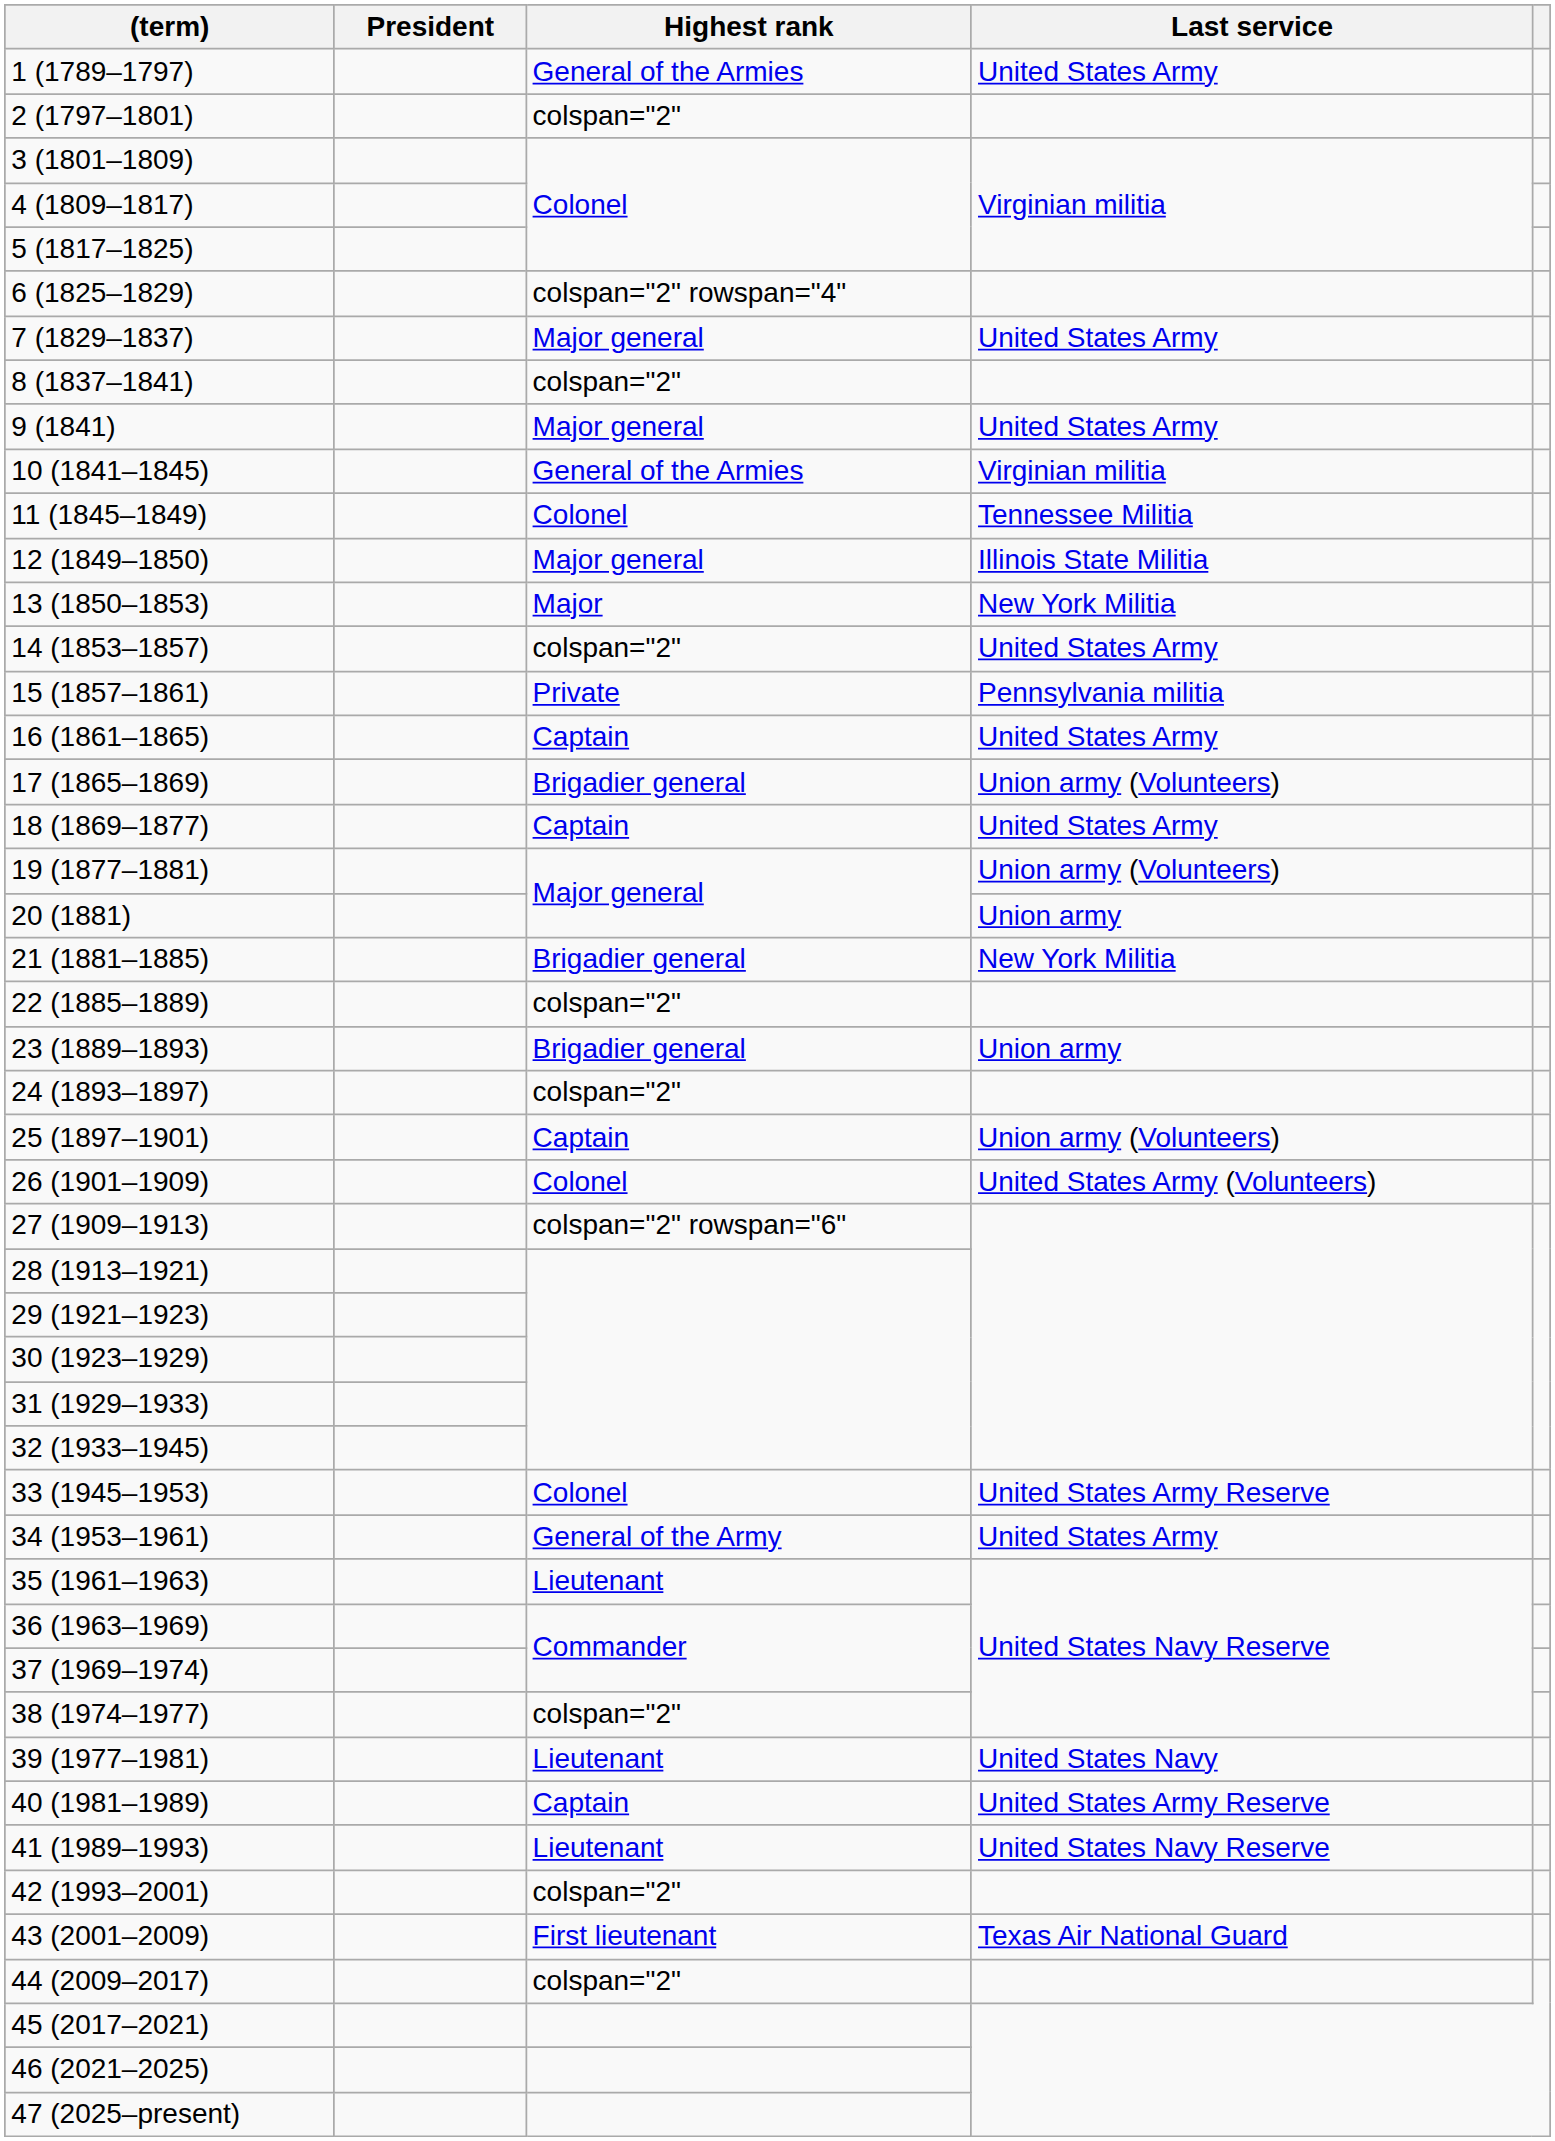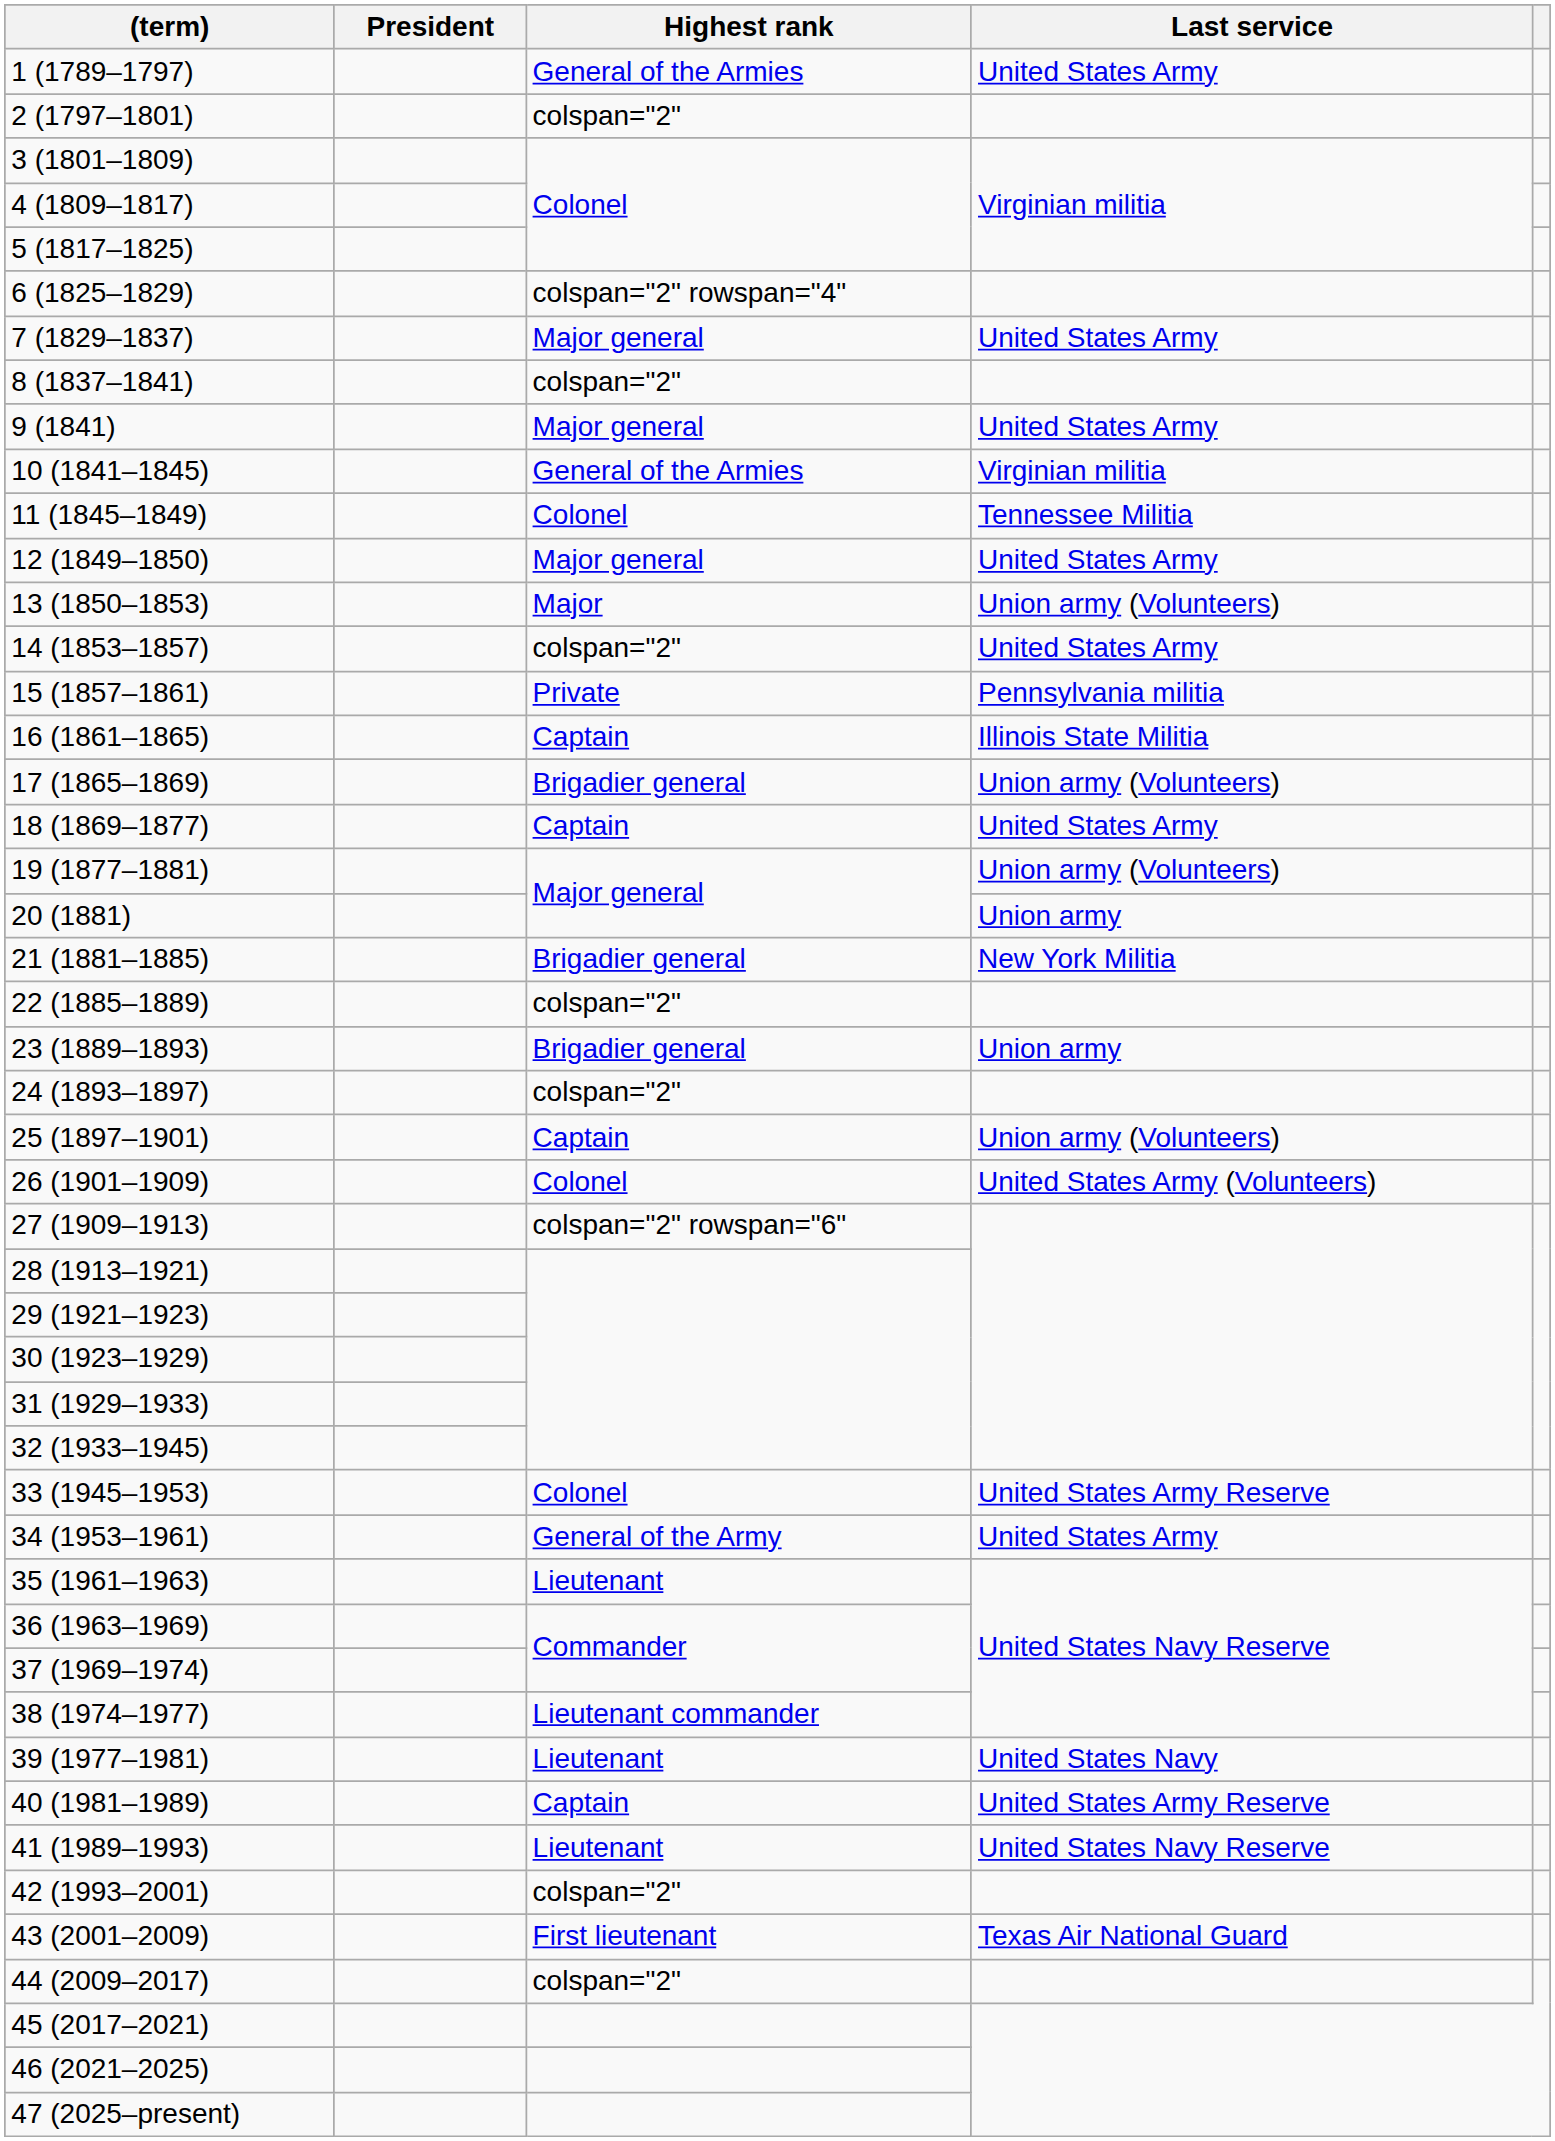 <table class="wikitable sortable" style="width: 100%;">
 <tr>
 <th scope="col"> (term)</th>
 <th scope="col">President</th>
 <th scope="col">Highest rank</th>
 <th scope="col">Last service</th>
 <th scope="col" class="unsortable"></th>
 </tr>
 <tr>
 <td scope="row">1 (1789–1797)</td>
 <td></td>
 <td data-sort-value=26><a href='#'>General of the Armies</a></td>
 <td data-sort-value=2><a href='#'>United States Army</a></td>
 <td></td>
 </tr>
 <tr>
 <td scope="row">2 (1797–1801)</td>
 <td></td>
 <td>colspan="2" </td>
 <td></td>
 </tr>
 <tr>
 <td scope="row">3 (1801–1809)</td>
 <td></td>
 <td data-sort-value=20 rowspan="3"><a href='#'>Colonel</a></td>
 <td data-sort-value=1 rowspan="3"><a href='#'>Virginian militia</a></td>
 <td></td>
 </tr>
 <tr>
 <td scope="row">4 (1809–1817)</td>
 <td></td>
 <td></td>
 </tr>
 <tr>
 <td scope="row">5 (1817–1825)</td>
 <td></td>
 <td></td>
 </tr>
 <tr>
 <td scope="row">6 (1825–1829)</td>
 <td></td>
 <td>colspan="2" rowspan="4" </td>
 <td></td>
 </tr>
 <tr>
 <td scope="row">7 (1829–1837)</td>
 <td></td>
 <td data-sort-value=22><a href='#'>Major general</a></td>
 <td data-sort-value=2><a href='#'>United States Army</a></td>
 <td></td>
 </tr>
 <tr>
 <td scope="row">8 (1837–1841)</td>
 <td></td>
 <td>colspan="2" </td>
 <td></td>
 </tr>
 <tr>
 <td scope="row">9 (1841)</td>
 <td></td>
 <td data-sort-value=22><a href='#'>Major general</a></td>
 <td data-sort-value=2><a href='#'>United States Army</a></td>
 <td></td>
 </tr>
 <tr>
 <td scope="row">10 (1841–1845)</td>
 <td></td>
 <td data-sort-value=26><a href='#'>General of the Armies</a></td>
 <td data-sort-value=1><a href='#'>Virginian militia</a></td>
 <td></td>
 </tr>
 <tr>
 <td scope="row">11 (1845–1849)</td>
 <td></td>
 <td data-sort-value=20><a href='#'>Colonel</a></td>
 <td data-sort-value=1><a href='#'>Tennessee Militia</a></td>
 <td></td>
 </tr>
 <tr>
 <td scope="row">12 (1849–1850)</td>
 <td></td>
 <td data-sort-value=22><a href='#'>Major general</a></td>
-<td data-sort-value=1><a href='#'>Illinois State Militia</a></td>
+<td data-sort-value=2><a href='#'>United States Army</a></td>
 <td></td>
 </tr>
 <tr>
 <td scope="row">13 (1850–1853)</td>
 <td></td>
 <td data-sort-value=18><a href='#'>Major</a></td>
-<td data-sort-value=1><a href='#'>New York Militia</a></td>
+<td data-sort-value=2><a href='#'>Union army</a> (<a href='#'>Volunteers</a>)</td>
 <td></td>
 </tr>
 <tr>
 <td scope="row">14 (1853–1857)</td>
 <td></td>
 <td>colspan="2" </td>
 <td data-sort-value=2><a href='#'>United States Army</a></td>
 <td></td>
 </tr>
 <tr>
 <td scope="row">15 (1857–1861)</td>
 <td></td>
 <td data-sort-value=1><a href='#'>Private</a></td>
 <td data-sort-value=1><a href='#'>Pennsylvania militia</a></td>
 <td></td>
 </tr>
 <tr>
 <td scope="row">16 (1861–1865)</td>
 <td></td>
 <td data-sort-value=17><a href='#'>Captain</a></td>
-<td data-sort-value=2><a href='#'>United States Army</a></td>
+<td data-sort-value=1><a href='#'>Illinois State Militia</a></td>
 <td></td>
 </tr>
 <tr>
 <td scope="row">17 (1865–1869)</td>
 <td></td>
 <td data-sort-value=21><a href='#'>Brigadier general</a></td>
 <td data-sort-value=2><a href='#'>Union army</a> (<a href='#'>Volunteers</a>)</td>
 <td></td>
 </tr>
 <tr>
 <td scope="row">18 (1869–1877)</td>
 <td></td>
 <td data-sort-value=17><a href='#'>Captain</a></td>
 <td data-sort-value=2><a href='#'>United States Army</a></td>
 <td></td>
 </tr>
 <tr>
 <td scope="row">19 (1877–1881)</td>
 <td></td>
 <td data-sort-value=22 rowspan="2"><a href='#'>Major general</a></td>
 <td data-sort-value=2><a href='#'>Union army</a> (<a href='#'>Volunteers</a>)</td>
 <td></td>
 </tr>
 <tr>
 <td scope="row">20 (1881)</td>
 <td></td>
 <td data-sort-value=2><a href='#'>Union army</a></td>
 <td></td>
 </tr>
 <tr>
 <td scope="row">21 (1881–1885)</td>
 <td></td>
 <td data-sort-value=21><a href='#'>Brigadier general</a></td>
 <td data-sort-value=1><a href='#'>New York Militia</a></td>
 <td></td>
 </tr>
 <tr>
 <td scope="row">22 (1885–1889)</td>
 <td></td>
 <td>colspan="2" </td>
 <td></td>
 </tr>
 <tr>
 <td scope="row">23 (1889–1893)</td>
 <td></td>
 <td data-sort-value=21><a href='#'>Brigadier general</a></td>
 <td data-sort-value=2><a href='#'>Union army</a></td>
 <td></td>
 </tr>
 <tr>
 <td scope="row">24 (1893–1897)</td>
 <td></td>
 <td>colspan="2" </td>
 <td></td>
 </tr>
 <tr>
 <td scope="row">25 (1897–1901)</td>
 <td></td>
 <td data-sort-value=17><a href='#'>Captain</a></td>
 <td data-sort-value=2><a href='#'>Union army</a> (<a href='#'>Volunteers</a>)</td>
 <td></td>
 </tr>
 <tr>
 <td scope="row">26 (1901–1909)</td>
 <td></td>
 <td data-sort-value=20><a href='#'>Colonel</a></td>
 <td data-sort-value=2><a href='#'>United States Army</a> (<a href='#'>Volunteers</a>)</td>
 <td></td>
 </tr>
 <tr>
 <td scope="row">27 (1909–1913)</td>
 <td></td>
 <td>colspan="2" rowspan="6" </td>
 <td rowspan="6"></td>
 </tr>
 <tr>
 <td scope="row">28 (1913–1921)</td>
 <td></td>
 </tr>
 <tr>
 <td scope="row">29 (1921–1923)</td>
 <td></td>
 </tr>
 <tr>
 <td scope="row">30 (1923–1929)</td>
 <td></td>
 </tr>
 <tr>
 <td scope="row">31 (1929–1933)</td>
 <td></td>
 </tr>
 <tr>
 <td scope="row">32 (1933–1945)</td>
 <td></td>
 </tr>
 <tr>
 <td scope="row">33 (1945–1953)</td>
 <td></td>
 <td data-sort-value=20><a href='#'>Colonel</a></td>
 <td data-sort-value=2><a href='#'>United States Army Reserve</a></td>
 <td></td>
 </tr>
 <tr>
 <td scope="row">34 (1953–1961)</td>
 <td></td>
 <td data-sort-value=25><a href='#'>General of the Army</a></td>
 <td data-sort-value=2><a href='#'>United States Army</a></td>
 <td></td>
 </tr>
 <tr>
 <td scope="row">35 (1961–1963)</td>
 <td></td>
 <td data-sort-value=17><a href='#'>Lieutenant</a></td>
 <td data-sort-value=4 rowspan="4"><a href='#'>United States Navy Reserve</a></td>
 <td></td>
 </tr>
 <tr>
 <td scope="row">36 (1963–1969)</td>
 <td></td>
 <td data-sort-value=19 rowspan="2"><a href='#'>Commander</a></td>
 <td></td>
 </tr>
 <tr>
 <td scope="row">37 (1969–1974)</td>
 <td></td>
 <td></td>
 </tr>
 <tr>
 <td scope="row">38 (1974–1977)</td>
 <td></td>
-<td>colspan="2" </td>
+<td data-sort-value=18><a href='#'>Lieutenant commander</a></td>
 <td></td>
 </tr>
 <tr>
 <td scope="row">39 (1977–1981)</td>
 <td></td>
 <td data-sort-value=17><a href='#'>Lieutenant</a></td>
 <td data-sort-value=4><a href='#'>United States Navy</a></td>
 <td></td>
 </tr>
 <tr>
 <td scope="row">40 (1981–1989)</td>
 <td></td>
 <td data-sort-value=17><a href='#'>Captain</a></td>
 <td data-sort-value=2><a href='#'>United States Army Reserve</a></td>
 <td></td>
 </tr>
 <tr>
 <td scope="row">41 (1989–1993)</td>
 <td></td>
 <td data-sort-value=17><a href='#'>Lieutenant</a></td>
 <td data-sort-value=4><a href='#'>United States Navy Reserve</a></td>
 <td></td>
 </tr>
 <tr>
 <td scope="row">42 (1993–2001)</td>
 <td></td>
 <td>colspan="2" </td>
 <td></td>
 </tr>
 <tr>
 <td scope="row">43 (2001–2009)</td>
 <td></td>
 <td data-sort-value=16><a href='#'>First lieutenant</a></td>
 <td data-sort-value=6><a href='#'>Texas Air National Guard</a></td>
 <td></td>
 </tr>
 <tr>
 <td scope="row">44 (2009–2017)</td>
 <td></td>
 <td>colspan="2" </td>
 <td></td>
 </tr>
 <tr>
 <td scope="row">45 (2017–2021)</td>
 <td></td>
 <td></td>
 </tr>
 <tr>
 <td scope="row">46 (2021–2025)</td>
 <td></td>
 <td></td>
 </tr>
 <tr>
 <td scope="row">47 (2025–present)</td>
 <td></td>
 <td></td>
 </tr>
 </table>
